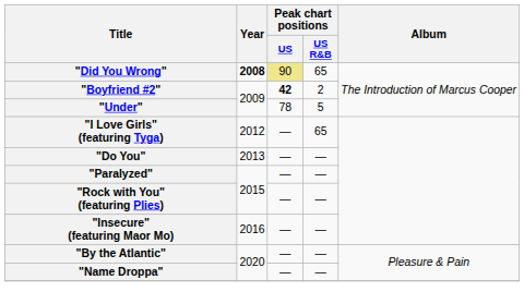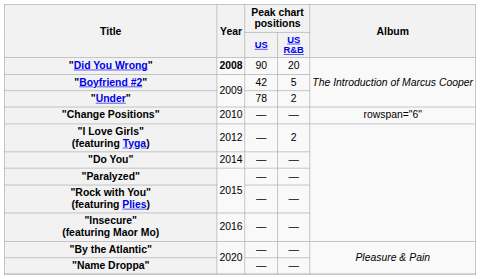 <table class="wikitable plainrowheaders" style="text-align:center;">
 <tr>
 <th scope="col" rowspan="2" style="width:20em;">Title</th>
 <th scope="col" rowspan="2">Year</th>
 <th scope="col" colspan="2">Peak chart positions</th>
 <th scope="col" rowspan="2">Album</th>
 </tr>
 <tr>
 <th style="width:3em;font-size:90%;"><a href='#'>US</a><br></th>
 <th style="width:3em;font-size:90%;"><a href='#'>US<br>R&B</a><br></th>
 </tr>
 <tr>
 <th scope="row">"<a href='#'>Did You Wrong</a>"</th>
 <td><strong>2008</strong></td>
-<td style="background: khaki;">90</td>
-<td>65</td>
+<td>90</td>
+<td>20</td>
 <td rowspan="3"><em>The Introduction of Marcus Cooper</em></td>
 </tr>
 <tr>
 <th scope="row">"<a href='#'>Boyfriend #2</a>"</th>
 <td rowspan="2">2009</td>
-<td><strong>42</strong></td>
-<td>2</td>
+<td>42</td>
+<td>5</td>
 </tr>
 <tr>
 <th scope="row">"<a href='#'>Under</a>"</th>
 <td>78</td>
-<td>5</td>
+<td>2</td>
+</tr>
+<tr>
+<th scope="row">"Change Positions"</th>
+<td>2010</td>
+<td>—</td>
+<td>—</td>
+<td>rowspan="6" </td>
 </tr>
 <tr>
 <th scope="row">"I Love Girls"<br><span>(featuring <a href='#'>Tyga</a>)</span></th>
 <td>2012</td>
 <td>—</td>
-<td>65</td>
+<td>2</td>
 </tr>
 <tr>
 <th scope="row">"Do You"</th>
-<td>2013</td>
+<td>2014</td>
 <td>—</td>
 <td>—</td>
 </tr>
 <tr>
 <th scope="row">"Paralyzed"</th>
 <td rowspan="2">2015</td>
 <td>—</td>
 <td>—</td>
 </tr>
 <tr>
 <th scope="row">"Rock with You"<br><span>(featuring <a href='#'>Plies</a>)</span></th>
 <td>—</td>
 <td>—</td>
 </tr>
 <tr>
 <th scope="row">"Insecure"<br><span>(featuring Maor Mo)</span></th>
 <td>2016</td>
 <td>—</td>
 <td>—</td>
 </tr>
 <tr>
 <th scope=" row">"By the Atlantic"</th>
 <td rowspan="2">2020</td>
 <td>—</td>
 <td>—</td>
 <td rowspan="2"><em>Pleasure & Pain</em></td>
 </tr>
 <tr>
 <th scope="row">"Name Droppa"</th>
 <td>—</td>
 <td>—</td>
 </tr>
 <tr>
 </tr>
 </table>
